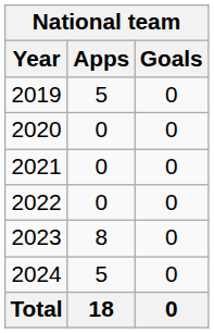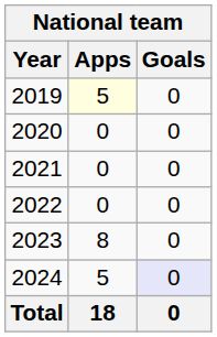 <table class="wikitable" style="text-align:center">
 <tr>
 <th colspan=3>National team</th>
 </tr>
 <tr>
 <th>Year</th>
 <th>Apps</th>
 <th>Goals</th>
 </tr>
 <tr>
 <td>2019</td>
-<td>5</td>
+<td style="background: lightyellow;">5</td>
 <td>0</td>
 </tr>
 <tr>
 <td>2020</td>
 <td>0</td>
 <td>0</td>
 </tr>
 <tr>
 <td>2021</td>
 <td>0</td>
 <td>0</td>
 </tr>
 <tr>
 <td>2022</td>
 <td>0</td>
 <td>0</td>
 </tr>
 <tr>
 <td>2023</td>
 <td>8</td>
 <td>0</td>
 </tr>
 <tr>
 <td>2024</td>
 <td>5</td>
-<td>0</td>
+<td style="background: lavender;">0</td>
 </tr>
 <tr>
 <th>Total</th>
 <th>18</th>
 <th>0</th>
 </tr>
 </table>
